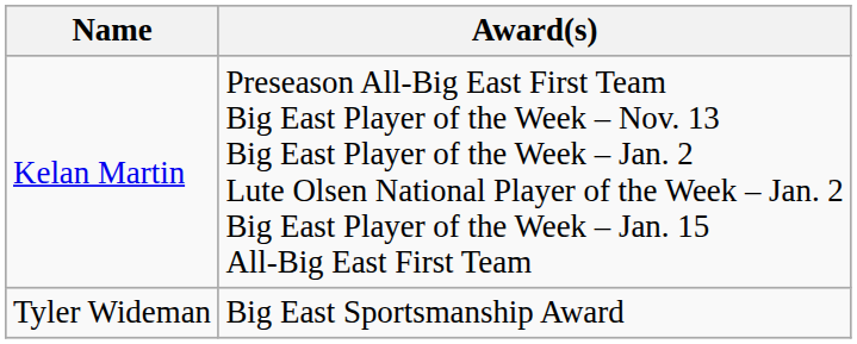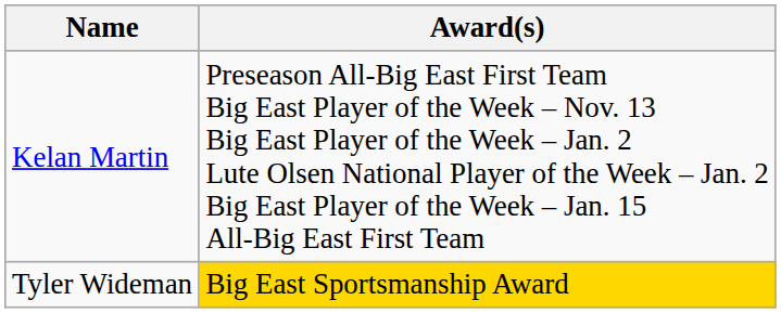 <table class="wikitable sortable" border="1">
 <tr>
 <th>Name</th>
 <th>Award(s)</th>
 </tr>
 <tr>
 <td><a href='#'>Kelan Martin</a></td>
 <td>Preseason All-Big East First Team<br>Big East Player of the Week – Nov. 13<br>Big East Player of the Week – Jan. 2<br>Lute Olsen National Player of the Week – Jan. 2<br>Big East Player of the Week – Jan. 15<br>All-Big East First Team</td>
 </tr>
 <tr>
 <td>Tyler Wideman</td>
-<td>Big East Sportsmanship Award</td>
+<td style="background: gold;">Big East Sportsmanship Award</td>
 </tr>
 </table>
